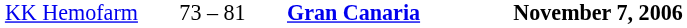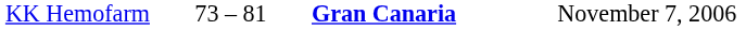 <table style="text-align:center">
 <tr>
 <th width=160></th>
 <th width=100></th>
 <th width=160></th>
 <th width=200></th>
 </tr>
 <tr>
 <td align=right><a href='#'>KK Hemofarm</a> </td>
 <td>73 – 81</td>
 <td align=left> <strong><a href='#'>Gran Canaria</a></strong></td>
-<td align=left><strong>November 7, 2006</strong></td>
+<td align=left>November 7, 2006</td>
 </tr>
 </table>
